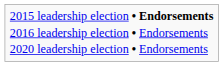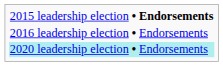 <table class="infobox">
 <tr>
 <td><a href='#'>2015 leadership election</a> <strong>•</strong> <strong>Endorsements</strong></td>
 </tr>
 <tr>
 <td><a href='#'>2016 leadership election</a> <strong>•</strong> <a href='#'>Endorsements</a></td>
 </tr>
 <tr>
-<td><a href='#'>2020 leadership election</a> <strong>•</strong> <a href='#'>Endorsements</a></td>
+<td style="background: paleturquoise;"><a href='#'>2020 leadership election</a> <strong>•</strong> <a href='#'>Endorsements</a></td>
 </tr>
 </table>
